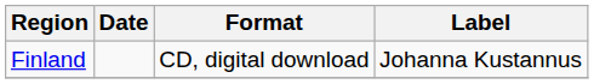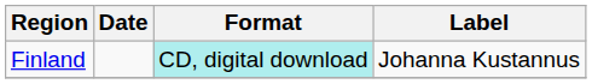 <table class=wikitable>
 <tr>
 <th>Region</th>
 <th>Date</th>
 <th>Format</th>
 <th>Label</th>
 </tr>
 <tr>
 <td><a href='#'>Finland</a></td>
 <td></td>
-<td>CD, digital download</td>
+<td style="background: paleturquoise;">CD, digital download</td>
 <td>Johanna Kustannus</td>
 </tr>
 <tr>
 </tr>
 </table>
